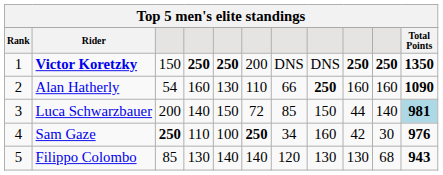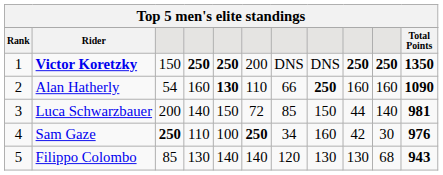 <table class="wikitable sortable">
 <tr>
 <th colspan=27 align="center"><strong>Top 5 men's elite standings</strong></th>
 </tr>
 <tr>
 </tr>
 <tr style="font-size:8pt;font-weight:bold">
 <th align="center">Rank</th>
 <th align="center">Rider</th>
 <th class=unsortable style="background:#E5E4E2;"><small></small></th>
 <th class=unsortable style="background:#E5E4E2;"><small></small></th>
 <th class=unsortable style="background:#E5E4E2;"><small></small></th>
 <th class=unsortable style="background:#E5E4E2;"><small></small></th>
 <th class=unsortable style="background:#E5E4E2;"><small></small></th>
 <th class=unsortable style="background:#E5E4E2;"><small></small></th>
 <th class=unsortable style="background:#E5E4E2;"><small></small></th>
 <th class=unsortable style="background:#E5E4E2;"><small></small></th>
 <th align="center">Total<br>Points</th>
 </tr>
 <tr>
 <td align=center>1</td>
 <td> <strong><a href='#'>Victor Koretzky</a></strong></td>
 <td align=center>150</td>
 <td align=center><strong>250</strong></td>
 <td align=center><strong>250</strong></td>
 <td align=center>200</td>
 <td align=center>DNS</td>
 <td align=center>DNS</td>
 <td align=center><strong>250</strong></td>
 <td align=center><strong>250</strong></td>
 <td align=center><strong>1350</strong></td>
 </tr>
 <tr>
 <td align=center>2</td>
 <td> <a href='#'>Alan Hatherly</a></td>
 <td align=center>54</td>
 <td align=center>160</td>
-<td align=center>130</td>
+<td align=center><strong>130</strong></td>
 <td align=center>110</td>
 <td align=center>66</td>
 <td align=center><strong>250</strong></td>
 <td align=center>160</td>
 <td align=center>160</td>
 <td align=center><strong>1090</strong></td>
 </tr>
 <tr>
 <td align=center>3</td>
 <td> <a href='#'>Luca Schwarzbauer</a></td>
 <td align=center>200</td>
 <td align=center>140</td>
 <td align=center>150</td>
 <td align=center>72</td>
 <td align=center>85</td>
 <td align=center>150</td>
 <td align=center>44</td>
 <td align=center>140</td>
-<td align=center style="background: lightblue;"><strong>981</strong></td>
+<td align=center><strong>981</strong></td>
 </tr>
 <tr>
 <td align=center>4</td>
 <td> <a href='#'>Sam Gaze</a></td>
 <td align=center><strong>250</strong></td>
 <td align=center>110</td>
 <td align=center>100</td>
 <td align=center><strong>250</strong></td>
 <td align=center>34</td>
 <td align=center>160</td>
 <td align=center>42</td>
 <td align=center>30</td>
 <td align=center><strong>976</strong></td>
 </tr>
 <tr>
 <td align=center>5</td>
 <td> <a href='#'>Filippo Colombo</a></td>
 <td align=center>85</td>
 <td align=center>130</td>
 <td align=center>140</td>
 <td align=center>140</td>
 <td align=center>120</td>
 <td align=center>130</td>
 <td align=center>130</td>
 <td align=center>68</td>
 <td align=center><strong>943</strong></td>
 </tr>
 </table>
